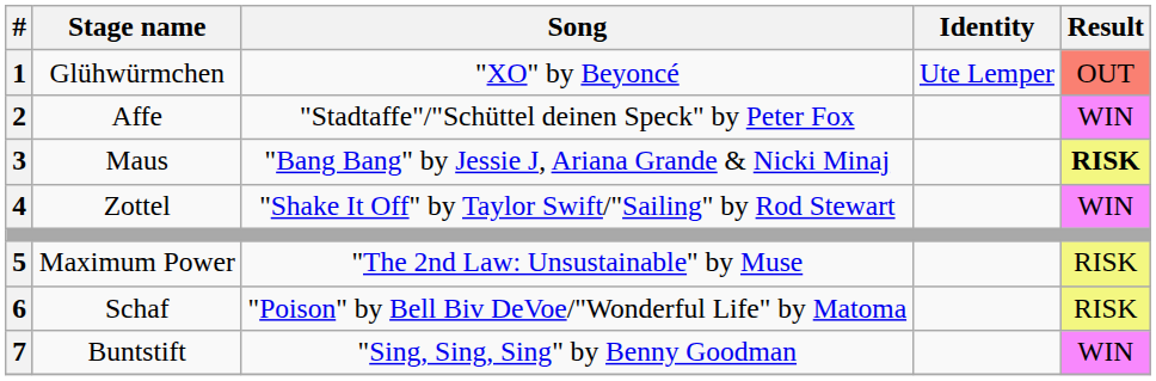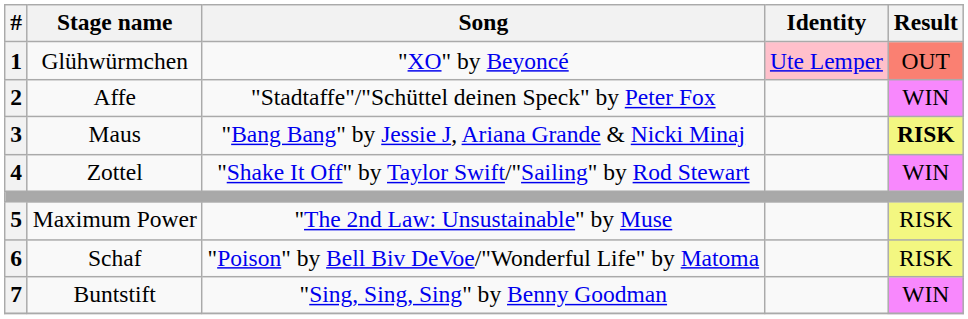 <table class="wikitable plainrowheaders" style="text-align: center;">
 <tr>
 <th>#</th>
 <th>Stage name</th>
 <th>Song</th>
 <th>Identity</th>
 <th>Result</th>
 </tr>
 <tr>
 <th>1</th>
 <td>Glühwürmchen</td>
 <td>"<a href='#'>XO</a>" by <a href='#'>Beyoncé</a></td>
-<td><a href='#'>Ute Lemper</a></td>
+<td style="background: pink;"><a href='#'>Ute Lemper</a></td>
 <td bgcolor=salmon>OUT</td>
 </tr>
 <tr>
 <th>2</th>
 <td>Affe</td>
 <td>"Stadtaffe"/"Schüttel deinen Speck" by <a href='#'>Peter Fox</a></td>
 <td></td>
 <td bgcolor=#F888FD>WIN</td>
 </tr>
 <tr>
 <th>3</th>
 <td>Maus</td>
 <td>"<a href='#'>Bang Bang</a>" by <a href='#'>Jessie J</a>, <a href='#'>Ariana Grande</a> & <a href='#'>Nicki Minaj</a></td>
 <td></td>
 <td bgcolor="#F3F781"><strong>RISK</strong></td>
 </tr>
 <tr>
 <th>4</th>
 <td>Zottel</td>
 <td>"<a href='#'>Shake It Off</a>" by <a href='#'>Taylor Swift</a>/"<a href='#'>Sailing</a>" by <a href='#'>Rod Stewart</a></td>
 <td></td>
 <td bgcolor=#F888FD>WIN</td>
 </tr>
 <tr>
 <td colspan="5" style="background:darkgray"></td>
 </tr>
 <tr>
 <th>5</th>
 <td>Maximum Power</td>
 <td>"<a href='#'>The 2nd Law: Unsustainable</a>" by <a href='#'>Muse</a></td>
 <td></td>
 <td bgcolor="#F3F781">RISK</td>
 </tr>
 <tr>
 <th>6</th>
 <td>Schaf</td>
 <td>"<a href='#'>Poison</a>" by <a href='#'>Bell Biv DeVoe</a>/"Wonderful Life" by <a href='#'>Matoma</a></td>
 <td></td>
 <td bgcolor="#F3F781">RISK</td>
 </tr>
 <tr>
 <th>7</th>
 <td>Buntstift</td>
 <td>"<a href='#'>Sing, Sing, Sing</a>" by <a href='#'>Benny Goodman</a></td>
 <td></td>
 <td bgcolor=#F888FD>WIN</td>
 </tr>
 <tr>
 </tr>
 </table>
